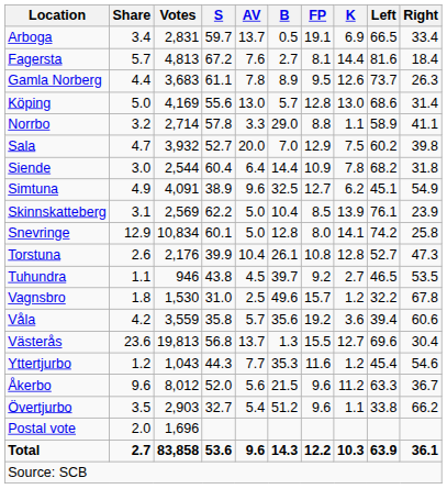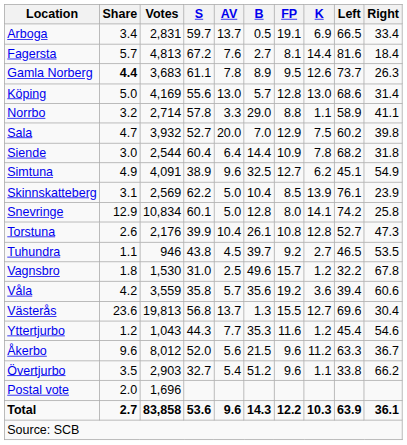 <table class="wikitable sortable" style=text-align:right>
 <tr>
 <th>Location</th>
 <th>Share</th>
 <th>Votes</th>
 <th><a href='#'>S</a></th>
 <th><a href='#'>AV</a></th>
 <th><a href='#'>B</a></th>
 <th><a href='#'>FP</a></th>
 <th><a href='#'>K</a></th>
 <th>Left</th>
 <th>Right</th>
 </tr>
 <tr>
 <td align=left><a href='#'>Arboga</a></td>
 <td>3.4</td>
 <td>2,831</td>
 <td>59.7</td>
 <td>13.7</td>
 <td>0.5</td>
 <td>19.1</td>
 <td>6.9</td>
 <td>66.5</td>
 <td>33.4</td>
 </tr>
 <tr>
 <td align=left><a href='#'>Fagersta</a></td>
 <td>5.7</td>
 <td>4,813</td>
 <td>67.2</td>
 <td>7.6</td>
 <td>2.7</td>
 <td>8.1</td>
 <td>14.4</td>
 <td>81.6</td>
 <td>18.4</td>
 </tr>
 <tr>
 <td align=left><a href='#'>Gamla Norberg</a></td>
-<td>4.4</td>
+<td><strong>4.4</strong></td>
 <td>3,683</td>
 <td>61.1</td>
 <td>7.8</td>
 <td>8.9</td>
 <td>9.5</td>
 <td>12.6</td>
 <td>73.7</td>
 <td>26.3</td>
 </tr>
 <tr>
 <td align=left><a href='#'>Köping</a></td>
 <td>5.0</td>
 <td>4,169</td>
 <td>55.6</td>
 <td>13.0</td>
 <td>5.7</td>
 <td>12.8</td>
 <td>13.0</td>
 <td>68.6</td>
 <td>31.4</td>
 </tr>
 <tr>
 <td align=left><a href='#'>Norrbo</a></td>
 <td>3.2</td>
 <td>2,714</td>
 <td>57.8</td>
 <td>3.3</td>
 <td>29.0</td>
 <td>8.8</td>
 <td>1.1</td>
 <td>58.9</td>
 <td>41.1</td>
 </tr>
 <tr>
 <td align=left><a href='#'>Sala</a></td>
 <td>4.7</td>
 <td>3,932</td>
 <td>52.7</td>
 <td>20.0</td>
 <td>7.0</td>
 <td>12.9</td>
 <td>7.5</td>
 <td>60.2</td>
 <td>39.8</td>
 </tr>
 <tr>
 <td align=left><a href='#'>Siende</a></td>
 <td>3.0</td>
 <td>2,544</td>
 <td>60.4</td>
 <td>6.4</td>
 <td>14.4</td>
 <td>10.9</td>
 <td>7.8</td>
 <td>68.2</td>
 <td>31.8</td>
 </tr>
 <tr>
 <td align=left><a href='#'>Simtuna</a></td>
 <td>4.9</td>
 <td>4,091</td>
 <td>38.9</td>
 <td>9.6</td>
 <td>32.5</td>
 <td>12.7</td>
 <td>6.2</td>
 <td>45.1</td>
 <td>54.9</td>
 </tr>
 <tr>
 <td align=left><a href='#'>Skinnskatteberg</a></td>
 <td>3.1</td>
 <td>2,569</td>
 <td>62.2</td>
 <td>5.0</td>
 <td>10.4</td>
 <td>8.5</td>
 <td>13.9</td>
 <td>76.1</td>
 <td>23.9</td>
 </tr>
 <tr>
 <td align=left><a href='#'>Snevringe</a></td>
 <td>12.9</td>
 <td>10,834</td>
 <td>60.1</td>
 <td>5.0</td>
 <td>12.8</td>
 <td>8.0</td>
 <td>14.1</td>
 <td>74.2</td>
 <td>25.8</td>
 </tr>
 <tr>
 <td align=left><a href='#'>Torstuna</a></td>
 <td>2.6</td>
 <td>2,176</td>
 <td>39.9</td>
 <td>10.4</td>
 <td>26.1</td>
 <td>10.8</td>
 <td>12.8</td>
 <td>52.7</td>
 <td>47.3</td>
 </tr>
 <tr>
 <td align=left><a href='#'>Tuhundra</a></td>
 <td>1.1</td>
 <td>946</td>
 <td>43.8</td>
 <td>4.5</td>
 <td>39.7</td>
 <td>9.2</td>
 <td>2.7</td>
 <td>46.5</td>
 <td>53.5</td>
 </tr>
 <tr>
 <td align=left><a href='#'>Vagnsbro</a></td>
 <td>1.8</td>
 <td>1,530</td>
 <td>31.0</td>
 <td>2.5</td>
 <td>49.6</td>
 <td>15.7</td>
 <td>1.2</td>
 <td>32.2</td>
 <td>67.8</td>
 </tr>
 <tr>
 <td align=left><a href='#'>Våla</a></td>
 <td>4.2</td>
 <td>3,559</td>
 <td>35.8</td>
 <td>5.7</td>
 <td>35.6</td>
 <td>19.2</td>
 <td>3.6</td>
 <td>39.4</td>
 <td>60.6</td>
 </tr>
 <tr>
 <td align=left><a href='#'>Västerås</a></td>
 <td>23.6</td>
 <td>19,813</td>
 <td>56.8</td>
 <td>13.7</td>
 <td>1.3</td>
 <td>15.5</td>
 <td>12.7</td>
 <td>69.6</td>
 <td>30.4</td>
 </tr>
 <tr>
 <td align=left><a href='#'>Yttertjurbo</a></td>
 <td>1.2</td>
 <td>1,043</td>
 <td>44.3</td>
 <td>7.7</td>
 <td>35.3</td>
 <td>11.6</td>
 <td>1.2</td>
 <td>45.4</td>
 <td>54.6</td>
 </tr>
 <tr>
 <td align=left><a href='#'>Åkerbo</a></td>
 <td>9.6</td>
 <td>8,012</td>
 <td>52.0</td>
 <td>5.6</td>
 <td>21.5</td>
 <td>9.6</td>
 <td>11.2</td>
 <td>63.3</td>
 <td>36.7</td>
 </tr>
 <tr>
 <td align=left><a href='#'>Övertjurbo</a></td>
 <td>3.5</td>
 <td>2,903</td>
 <td>32.7</td>
 <td>5.4</td>
 <td>51.2</td>
 <td>9.6</td>
 <td>1.1</td>
 <td>33.8</td>
 <td>66.2</td>
 </tr>
 <tr>
 <td align=left><a href='#'>Postal vote</a></td>
 <td>2.0</td>
 <td>1,696</td>
 <td></td>
 <td></td>
 <td></td>
 <td></td>
 <td></td>
 <td></td>
 <td></td>
 </tr>
 <tr>
 <td align=left><strong>Total</strong></td>
 <td><strong>2.7</strong></td>
 <td><strong>83,858</strong></td>
 <td><strong>53.6</strong></td>
 <td><strong>9.6</strong></td>
 <td><strong>14.3</strong></td>
 <td><strong>12.2</strong></td>
 <td><strong>10.3</strong></td>
 <td><strong>63.9</strong></td>
 <td><strong>36.1</strong></td>
 </tr>
 <tr>
 <td align=left colspan=10>Source: SCB </td>
 </tr>
 </table>
